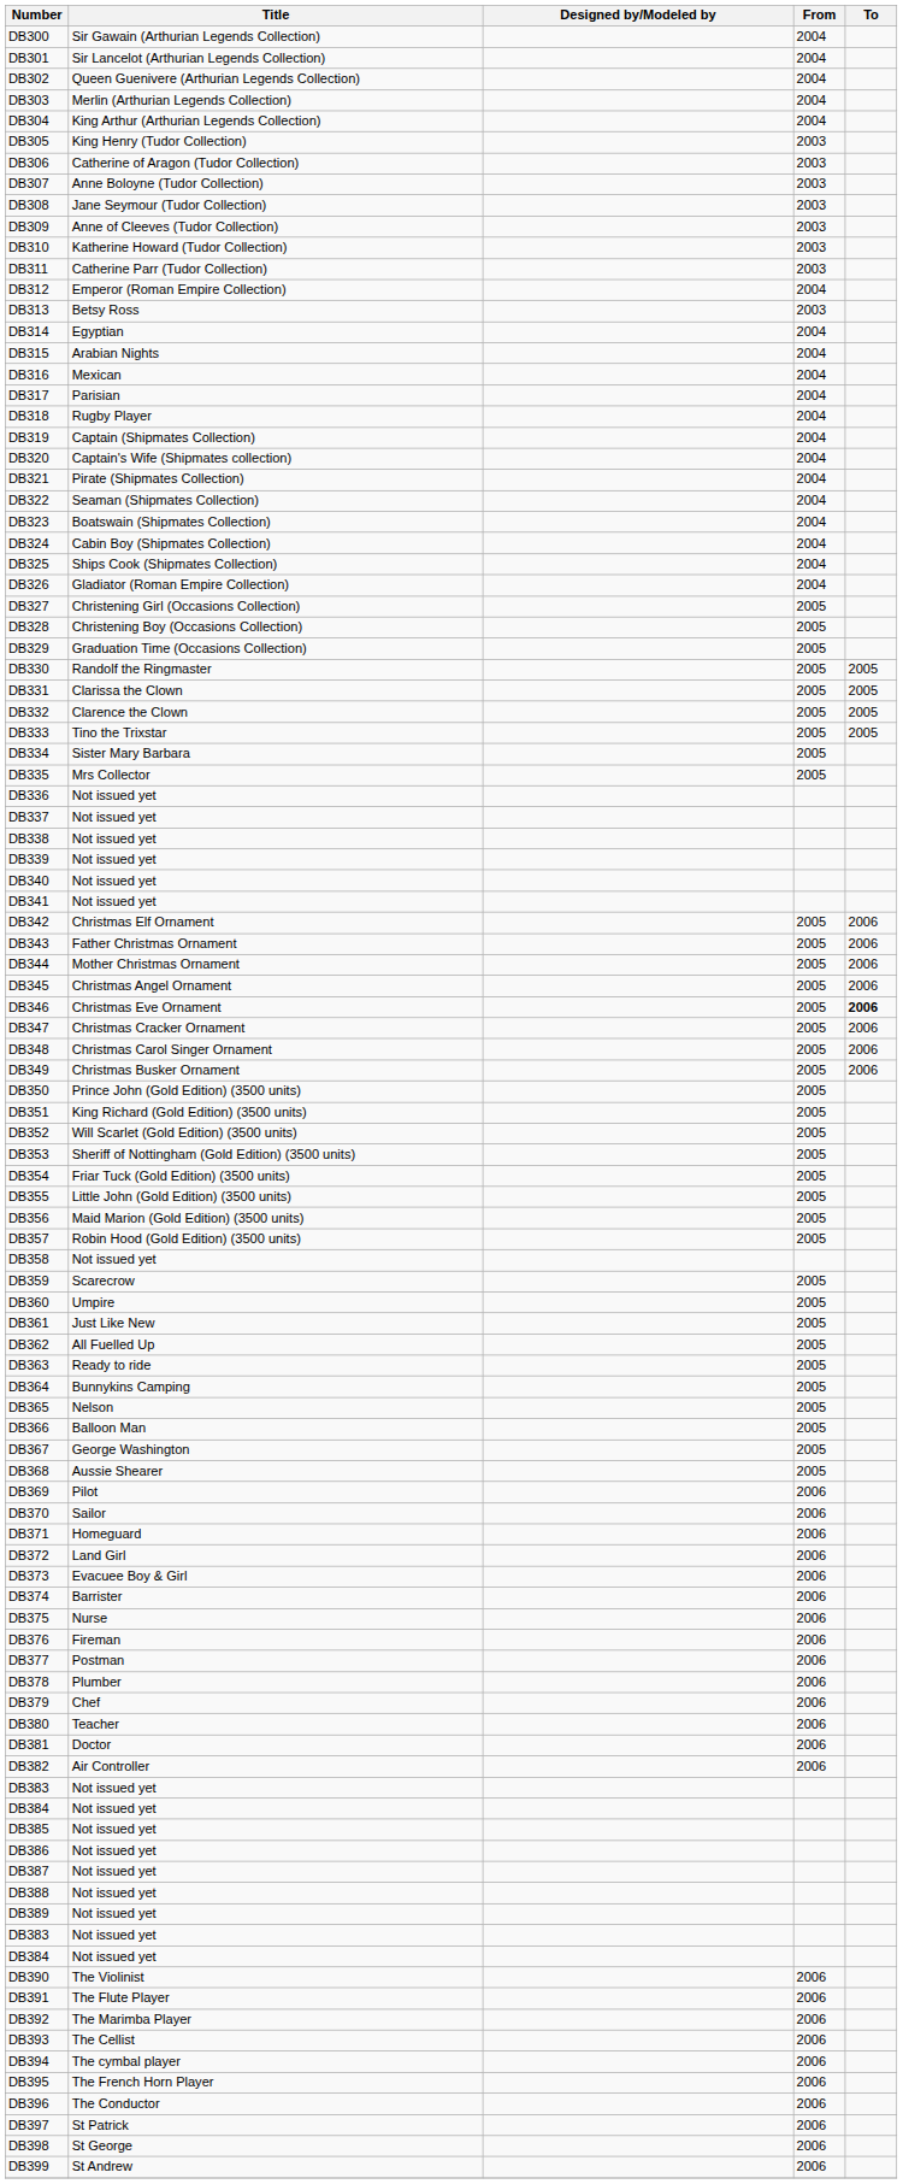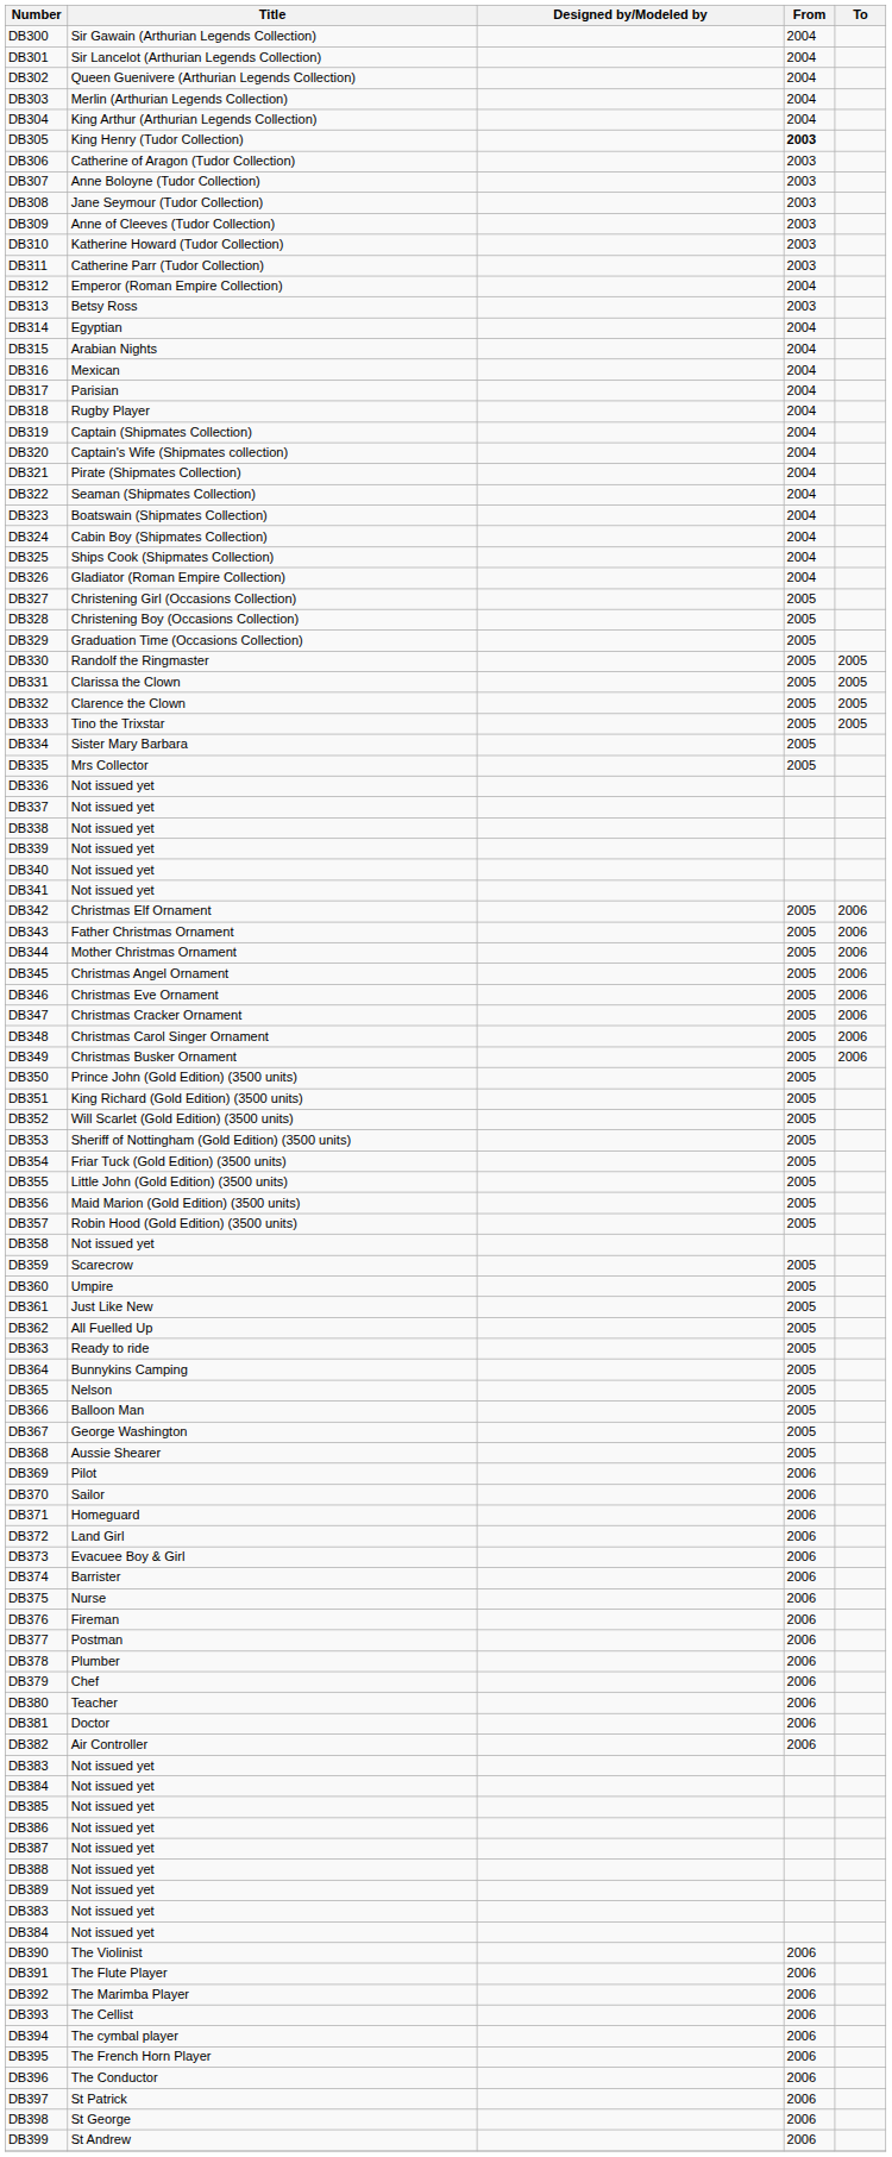 <table class="wikitable" width="85%">
 <tr>
 <th width=5%>Number</th>
 <th width=40%>Title</th>
 <th width=30%>Designed by/Modeled by</th>
 <th width=5%>From</th>
 <th width=5%>To</th>
 </tr>
 <tr>
 <td>DB300</td>
 <td>Sir Gawain (Arthurian Legends Collection)</td>
 <td></td>
 <td>2004</td>
 <td></td>
 </tr>
 <tr>
 <td>DB301</td>
 <td>Sir Lancelot (Arthurian Legends Collection)</td>
 <td></td>
 <td>2004</td>
 <td></td>
 </tr>
 <tr>
 <td>DB302</td>
 <td>Queen Guenivere (Arthurian Legends Collection)</td>
 <td></td>
 <td>2004</td>
 <td></td>
 </tr>
 <tr>
 <td>DB303</td>
 <td>Merlin (Arthurian Legends Collection)</td>
 <td></td>
 <td>2004</td>
 <td></td>
 </tr>
 <tr>
 <td>DB304</td>
 <td>King Arthur (Arthurian Legends Collection)</td>
 <td></td>
 <td>2004</td>
 <td></td>
 </tr>
 <tr>
 <td>DB305</td>
 <td>King Henry (Tudor Collection)</td>
 <td></td>
-<td>2003</td>
+<td><strong>2003</strong></td>
 <td></td>
 </tr>
 <tr>
 <td>DB306</td>
 <td>Catherine of Aragon (Tudor Collection)</td>
 <td></td>
 <td>2003</td>
 <td></td>
 </tr>
 <tr>
 <td>DB307</td>
 <td>Anne Boloyne (Tudor Collection)</td>
 <td></td>
 <td>2003</td>
 <td></td>
 </tr>
 <tr>
 <td>DB308</td>
 <td>Jane Seymour (Tudor Collection)</td>
 <td></td>
 <td>2003</td>
 <td></td>
 </tr>
 <tr>
 <td>DB309</td>
 <td>Anne of Cleeves (Tudor Collection)</td>
 <td></td>
 <td>2003</td>
 <td></td>
 </tr>
 <tr>
 <td>DB310</td>
 <td>Katherine Howard (Tudor Collection)</td>
 <td></td>
 <td>2003</td>
 <td></td>
 </tr>
 <tr>
 <td>DB311</td>
 <td>Catherine Parr (Tudor Collection)</td>
 <td></td>
 <td>2003</td>
 <td></td>
 </tr>
 <tr>
 <td>DB312</td>
 <td>Emperor (Roman Empire Collection)</td>
 <td></td>
 <td>2004</td>
 <td></td>
 </tr>
 <tr>
 <td>DB313</td>
 <td>Betsy Ross</td>
 <td></td>
 <td>2003</td>
 <td></td>
 </tr>
 <tr>
 <td>DB314</td>
 <td>Egyptian</td>
 <td></td>
 <td>2004</td>
 <td></td>
 </tr>
 <tr>
 <td>DB315</td>
 <td>Arabian Nights</td>
 <td></td>
 <td>2004</td>
 <td></td>
 </tr>
 <tr>
 <td>DB316</td>
 <td>Mexican</td>
 <td></td>
 <td>2004</td>
 <td></td>
 </tr>
 <tr>
 <td>DB317</td>
 <td>Parisian</td>
 <td></td>
 <td>2004</td>
 <td></td>
 </tr>
 <tr>
 <td>DB318</td>
 <td>Rugby Player</td>
 <td></td>
 <td>2004</td>
 <td></td>
 </tr>
 <tr>
 <td>DB319</td>
 <td>Captain (Shipmates Collection)</td>
 <td></td>
 <td>2004</td>
 <td></td>
 </tr>
 <tr>
 <td>DB320</td>
 <td>Captain's Wife (Shipmates collection)</td>
 <td></td>
 <td>2004</td>
 <td></td>
 </tr>
 <tr>
 <td>DB321</td>
 <td>Pirate (Shipmates Collection)</td>
 <td></td>
 <td>2004</td>
 <td></td>
 </tr>
 <tr>
 <td>DB322</td>
 <td>Seaman (Shipmates Collection)</td>
 <td></td>
 <td>2004</td>
 <td></td>
 </tr>
 <tr>
 <td>DB323</td>
 <td>Boatswain (Shipmates Collection)</td>
 <td></td>
 <td>2004</td>
 <td></td>
 </tr>
 <tr>
 <td>DB324</td>
 <td>Cabin Boy (Shipmates Collection)</td>
 <td></td>
 <td>2004</td>
 <td></td>
 </tr>
 <tr>
 <td>DB325</td>
 <td>Ships Cook (Shipmates Collection)</td>
 <td></td>
 <td>2004</td>
 <td></td>
 </tr>
 <tr>
 <td>DB326</td>
 <td>Gladiator (Roman Empire Collection)</td>
 <td></td>
 <td>2004</td>
 <td></td>
 </tr>
 <tr>
 <td>DB327</td>
 <td>Christening Girl  (Occasions Collection)</td>
 <td></td>
 <td>2005</td>
 <td></td>
 </tr>
 <tr>
 <td>DB328</td>
 <td>Christening Boy (Occasions Collection)</td>
 <td></td>
 <td>2005</td>
 <td></td>
 </tr>
 <tr>
 <td>DB329</td>
 <td>Graduation Time (Occasions Collection)</td>
 <td></td>
 <td>2005</td>
 <td></td>
 </tr>
 <tr>
 <td>DB330</td>
 <td>Randolf the Ringmaster</td>
 <td></td>
 <td>2005</td>
 <td>2005</td>
 </tr>
 <tr>
 <td>DB331</td>
 <td>Clarissa the Clown</td>
 <td></td>
 <td>2005</td>
 <td>2005</td>
 </tr>
 <tr>
 <td>DB332</td>
 <td>Clarence the Clown</td>
 <td></td>
 <td>2005</td>
 <td>2005</td>
 </tr>
 <tr>
 <td>DB333</td>
 <td>Tino the Trixstar</td>
 <td></td>
 <td>2005</td>
 <td>2005</td>
 </tr>
 <tr>
 <td>DB334</td>
 <td>Sister Mary Barbara</td>
 <td></td>
 <td>2005</td>
 <td></td>
 </tr>
 <tr>
 <td>DB335</td>
 <td>Mrs Collector</td>
 <td></td>
 <td>2005</td>
 <td></td>
 </tr>
 <tr>
 <td>DB336</td>
 <td>Not issued yet</td>
 <td></td>
 <td></td>
 <td></td>
 </tr>
 <tr>
 <td>DB337</td>
 <td>Not issued yet</td>
 <td></td>
 <td></td>
 <td></td>
 </tr>
 <tr>
 <td>DB338</td>
 <td>Not issued yet</td>
 <td></td>
 <td></td>
 <td></td>
 </tr>
 <tr>
 <td>DB339</td>
 <td>Not issued yet</td>
 <td></td>
 <td></td>
 <td></td>
 </tr>
 <tr>
 <td>DB340</td>
 <td>Not issued yet</td>
 <td></td>
 <td></td>
 <td></td>
 </tr>
 <tr>
 <td>DB341</td>
 <td>Not issued yet</td>
 <td></td>
 <td></td>
 <td></td>
 </tr>
 <tr>
 <td>DB342</td>
 <td>Christmas Elf Ornament</td>
 <td></td>
 <td>2005</td>
 <td>2006</td>
 </tr>
 <tr>
 <td>DB343</td>
 <td>Father Christmas Ornament</td>
 <td></td>
 <td>2005</td>
 <td>2006</td>
 </tr>
 <tr>
 <td>DB344</td>
 <td>Mother Christmas Ornament</td>
 <td></td>
 <td>2005</td>
 <td>2006</td>
 </tr>
 <tr>
 <td>DB345</td>
 <td>Christmas Angel Ornament</td>
 <td></td>
 <td>2005</td>
 <td>2006</td>
 </tr>
 <tr>
 <td>DB346</td>
 <td>Christmas Eve Ornament</td>
 <td></td>
 <td>2005</td>
-<td><strong>2006</strong></td>
+<td>2006</td>
 </tr>
 <tr>
 <td>DB347</td>
 <td>Christmas Cracker Ornament</td>
 <td></td>
 <td>2005</td>
 <td>2006</td>
 </tr>
 <tr>
 <td>DB348</td>
 <td>Christmas Carol Singer Ornament</td>
 <td></td>
 <td>2005</td>
 <td>2006</td>
 </tr>
 <tr>
 <td>DB349</td>
 <td>Christmas Busker Ornament</td>
 <td></td>
 <td>2005</td>
 <td>2006</td>
 </tr>
 <tr>
 <td>DB350</td>
 <td>Prince John (Gold Edition) (3500 units)</td>
 <td></td>
 <td>2005</td>
 <td></td>
 </tr>
 <tr>
 <td>DB351</td>
 <td>King Richard (Gold Edition) (3500 units)</td>
 <td></td>
 <td>2005</td>
 <td></td>
 </tr>
 <tr>
 <td>DB352</td>
 <td>Will Scarlet (Gold Edition) (3500 units)</td>
 <td></td>
 <td>2005</td>
 <td></td>
 </tr>
 <tr>
 <td>DB353</td>
 <td>Sheriff of Nottingham (Gold Edition) (3500 units)</td>
 <td></td>
 <td>2005</td>
 <td></td>
 </tr>
 <tr>
 <td>DB354</td>
 <td>Friar Tuck (Gold Edition) (3500 units)</td>
 <td></td>
 <td>2005</td>
 <td></td>
 </tr>
 <tr>
 <td>DB355</td>
 <td>Little John (Gold Edition) (3500 units)</td>
 <td></td>
 <td>2005</td>
 <td></td>
 </tr>
 <tr>
 <td>DB356</td>
 <td>Maid Marion (Gold Edition) (3500 units)</td>
 <td></td>
 <td>2005</td>
 <td></td>
 </tr>
 <tr>
 <td>DB357</td>
 <td>Robin Hood (Gold Edition) (3500 units)</td>
 <td></td>
 <td>2005</td>
 <td></td>
 </tr>
 <tr>
 <td>DB358</td>
 <td>Not issued yet</td>
 <td></td>
 <td></td>
 <td></td>
 </tr>
 <tr>
 <td>DB359</td>
 <td>Scarecrow</td>
 <td></td>
 <td>2005</td>
 <td></td>
 </tr>
 <tr>
 <td>DB360</td>
 <td>Umpire</td>
 <td></td>
 <td>2005</td>
 <td></td>
 </tr>
 <tr>
 <td>DB361</td>
 <td>Just Like New</td>
 <td></td>
 <td>2005</td>
 <td></td>
 </tr>
 <tr>
 <td>DB362</td>
 <td>All Fuelled Up</td>
 <td></td>
 <td>2005</td>
 <td></td>
 </tr>
 <tr>
 <td>DB363</td>
 <td>Ready to ride</td>
 <td></td>
 <td>2005</td>
 <td></td>
 </tr>
 <tr>
 <td>DB364</td>
 <td>Bunnykins Camping</td>
 <td></td>
 <td>2005</td>
 <td></td>
 </tr>
 <tr>
 <td>DB365</td>
 <td>Nelson</td>
 <td></td>
 <td>2005</td>
 <td></td>
 </tr>
 <tr>
 <td>DB366</td>
 <td>Balloon Man</td>
 <td></td>
 <td>2005</td>
 <td></td>
 </tr>
 <tr>
 <td>DB367</td>
 <td>George Washington</td>
 <td></td>
 <td>2005</td>
 <td></td>
 </tr>
 <tr>
 <td>DB368</td>
 <td>Aussie Shearer</td>
 <td></td>
 <td>2005</td>
 <td></td>
 </tr>
 <tr>
 <td>DB369</td>
 <td>Pilot</td>
 <td></td>
 <td>2006</td>
 <td></td>
 </tr>
 <tr>
 <td>DB370</td>
 <td>Sailor</td>
 <td></td>
 <td>2006</td>
 <td></td>
 </tr>
 <tr>
 <td>DB371</td>
 <td>Homeguard</td>
 <td></td>
 <td>2006</td>
 <td></td>
 </tr>
 <tr>
 <td>DB372</td>
 <td>Land Girl</td>
 <td></td>
 <td>2006</td>
 <td></td>
 </tr>
 <tr>
 <td>DB373</td>
 <td>Evacuee Boy & Girl</td>
 <td></td>
 <td>2006</td>
 <td></td>
 </tr>
 <tr>
 <td>DB374</td>
 <td>Barrister</td>
 <td></td>
 <td>2006</td>
 <td></td>
 </tr>
 <tr>
 <td>DB375</td>
 <td>Nurse</td>
 <td></td>
 <td>2006</td>
 <td></td>
 </tr>
 <tr>
 <td>DB376</td>
 <td>Fireman</td>
 <td></td>
 <td>2006</td>
 <td></td>
 </tr>
 <tr>
 <td>DB377</td>
 <td>Postman</td>
 <td></td>
 <td>2006</td>
 <td></td>
 </tr>
 <tr>
 <td>DB378</td>
 <td>Plumber</td>
 <td></td>
 <td>2006</td>
 <td></td>
 </tr>
 <tr>
 <td>DB379</td>
 <td>Chef</td>
 <td></td>
 <td>2006</td>
 <td></td>
 </tr>
 <tr>
 <td>DB380</td>
 <td>Teacher</td>
 <td></td>
 <td>2006</td>
 <td></td>
 </tr>
 <tr>
 <td>DB381</td>
 <td>Doctor</td>
 <td></td>
 <td>2006</td>
 <td></td>
 </tr>
 <tr>
 <td>DB382</td>
 <td>Air Controller</td>
 <td></td>
 <td>2006</td>
 <td></td>
 </tr>
 <tr>
 <td>DB383</td>
 <td>Not issued yet</td>
 <td></td>
 <td></td>
 <td></td>
 </tr>
 <tr>
 <td>DB384</td>
 <td>Not issued yet</td>
 <td></td>
 <td></td>
 <td></td>
 </tr>
 <tr>
 <td>DB385</td>
 <td>Not issued yet</td>
 <td></td>
 <td></td>
 <td></td>
 </tr>
 <tr>
 <td>DB386</td>
 <td>Not issued yet</td>
 <td></td>
 <td></td>
 <td></td>
 </tr>
 <tr>
 <td>DB387</td>
 <td>Not issued yet</td>
 <td></td>
 <td></td>
 <td></td>
 </tr>
 <tr>
 <td>DB388</td>
 <td>Not issued yet</td>
 <td></td>
 <td></td>
 <td></td>
 </tr>
 <tr>
 <td>DB389</td>
 <td>Not issued yet</td>
 <td></td>
 <td></td>
 <td></td>
 </tr>
 <tr>
 <td>DB383</td>
 <td>Not issued yet</td>
 <td></td>
 <td></td>
 <td></td>
 </tr>
 <tr>
 <td>DB384</td>
 <td>Not issued yet</td>
 <td></td>
 <td></td>
 <td></td>
 </tr>
 <tr>
 <td>DB390</td>
 <td>The Violinist</td>
 <td></td>
 <td>2006</td>
 <td></td>
 </tr>
 <tr>
 <td>DB391</td>
 <td>The Flute Player</td>
 <td></td>
 <td>2006</td>
 <td></td>
 </tr>
 <tr>
 <td>DB392</td>
 <td>The Marimba Player</td>
 <td></td>
 <td>2006</td>
 <td></td>
 </tr>
 <tr>
 <td>DB393</td>
 <td>The Cellist</td>
 <td></td>
 <td>2006</td>
 <td></td>
 </tr>
 <tr>
 <td>DB394</td>
 <td>The cymbal player</td>
 <td></td>
 <td>2006</td>
 <td></td>
 </tr>
 <tr>
 <td>DB395</td>
 <td>The French Horn Player</td>
 <td></td>
 <td>2006</td>
 <td></td>
 </tr>
 <tr>
 <td>DB396</td>
 <td>The Conductor</td>
 <td></td>
 <td>2006</td>
 <td></td>
 </tr>
 <tr>
 <td>DB397</td>
 <td>St Patrick</td>
 <td></td>
 <td>2006</td>
 <td></td>
 </tr>
 <tr>
 <td>DB398</td>
 <td>St George</td>
 <td></td>
 <td>2006</td>
 <td></td>
 </tr>
 <tr>
 <td>DB399</td>
 <td>St Andrew</td>
 <td></td>
 <td>2006</td>
 <td></td>
 </tr>
 <tr>
 </tr>
 </table>
